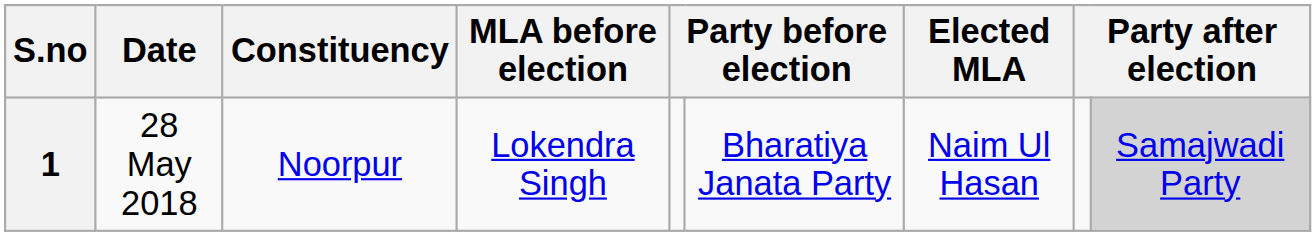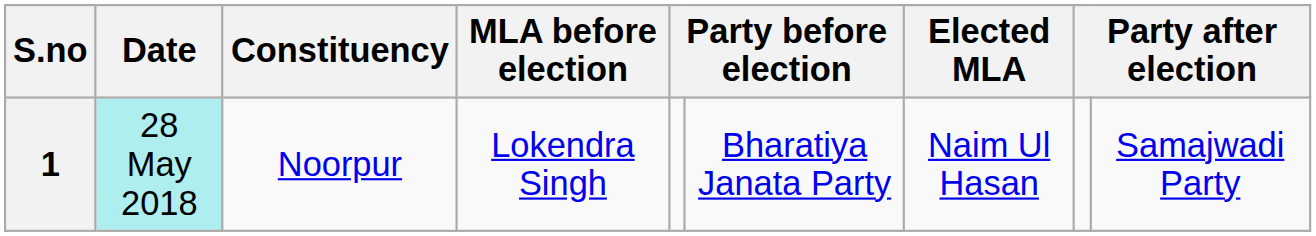 <table class="wikitable sortable" style="text-align:center;">
 <tr>
 <th>S.no</th>
 <th>Date</th>
 <th>Constituency</th>
 <th>MLA before election</th>
 <th colspan="2">Party before election</th>
 <th>Elected MLA</th>
 <th colspan="2">Party after election</th>
 </tr>
 <tr>
 <th>1</th>
-<td>28 May 2018</td>
+<td style="background: paleturquoise;">28 May 2018</td>
 <td><a href='#'>Noorpur</a></td>
 <td><a href='#'>Lokendra Singh</a></td>
 <td></td>
 <td><a href='#'>Bharatiya Janata Party</a></td>
 <td><a href='#'>Naim Ul Hasan</a></td>
 <td></td>
-<td style="background: lightgrey;"><a href='#'>Samajwadi Party</a></td>
+<td><a href='#'>Samajwadi Party</a></td>
 </tr>
 </table>
